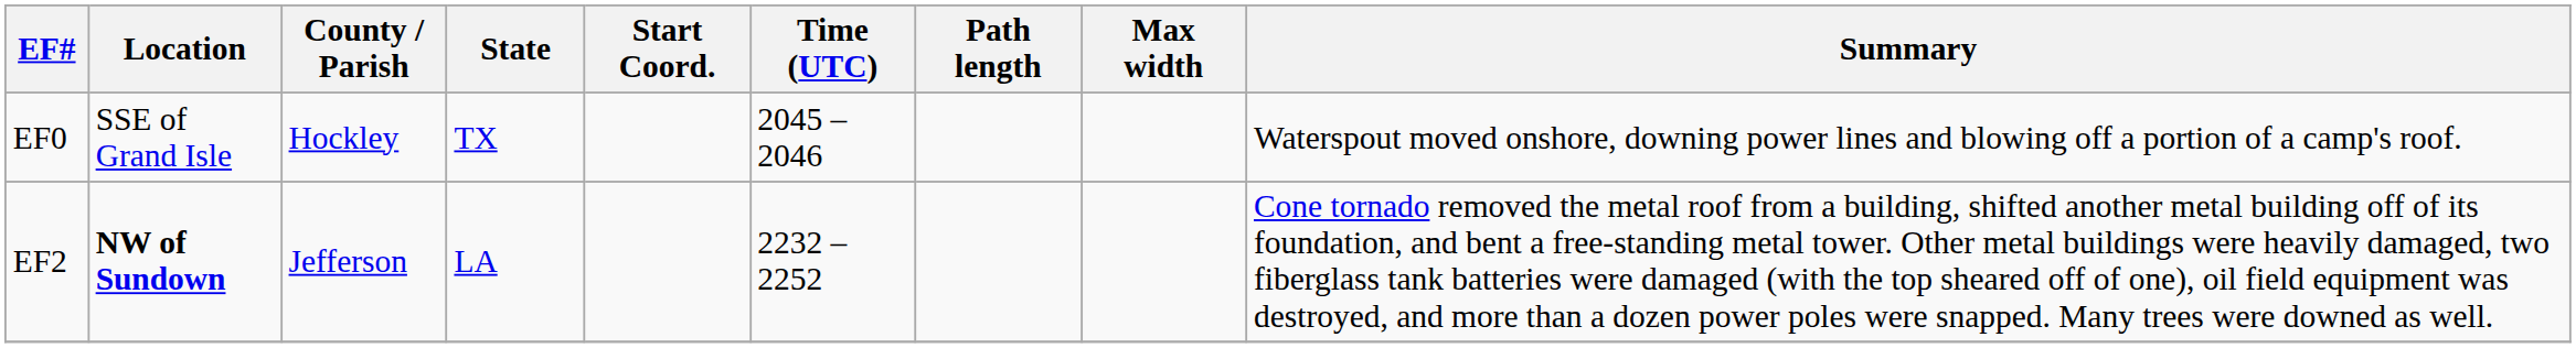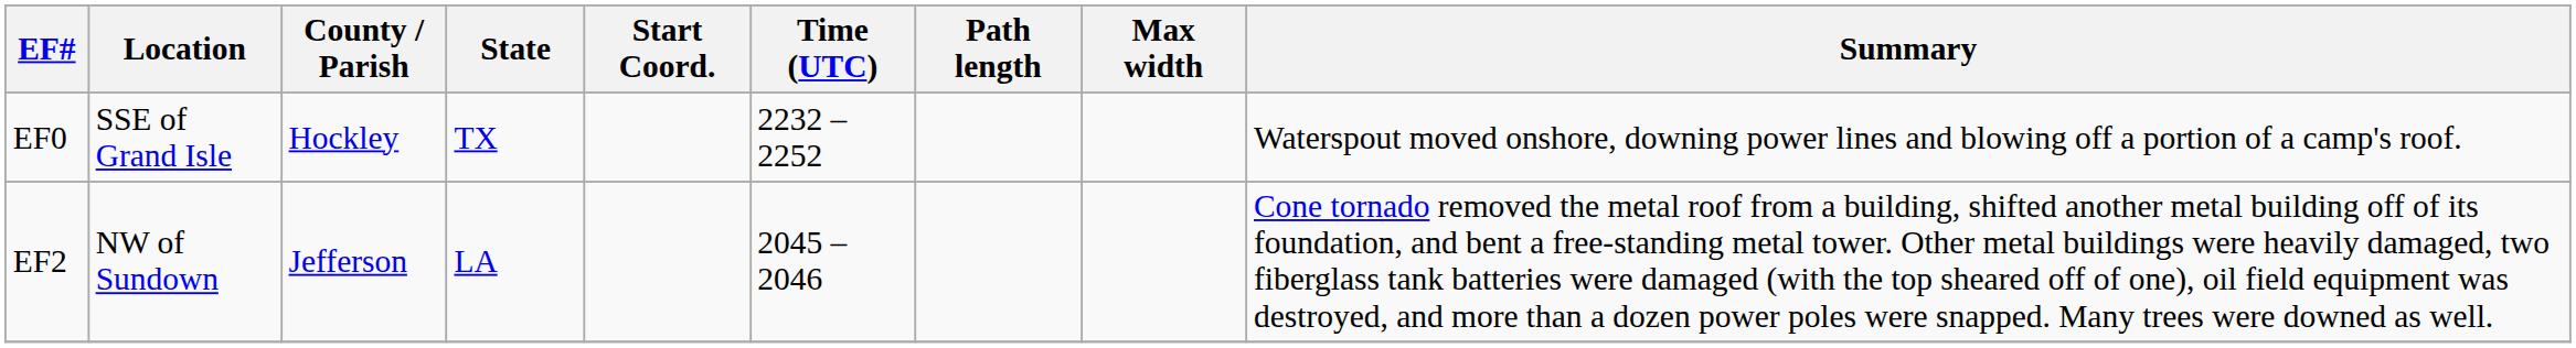 <table class="wikitable sortable" style="width:100%;">
 <tr>
 <th scope="col" width="3%" align="center"><a href='#'>EF#</a></th>
 <th scope="col" width="7%" align="center" class="unsortable">Location</th>
 <th scope="col" width="6%" align="center" class="unsortable">County / Parish</th>
 <th scope="col" width="5%" align="center">State</th>
 <th scope="col" width="6%" align="center">Start Coord.</th>
 <th scope="col" width="6%" align="center">Time (<a href='#'>UTC</a>)</th>
 <th scope="col" width="6%" align="center">Path length</th>
 <th scope="col" width="6%" align="center">Max width</th>
 <th scope="col" width="48%" class="unsortable" align="center">Summary</th>
 </tr>
 <tr>
 <td>EF0</td>
 <td>SSE of <a href='#'>Grand Isle</a></td>
 <td><a href='#'>Hockley</a></td>
 <td><a href='#'>TX</a></td>
 <td></td>
-<td>2045 – 2046</td>
+<td>2232 – 2252</td>
 <td></td>
 <td></td>
 <td>Waterspout moved onshore, downing power lines and blowing off a portion of a camp's roof.</td>
 </tr>
 <tr>
 <td>EF2</td>
-<td><strong>NW of <a href='#'>Sundown</a></strong></td>
+<td>NW of <a href='#'>Sundown</a></td>
 <td><a href='#'>Jefferson</a></td>
 <td><a href='#'>LA</a></td>
 <td></td>
-<td>2232 – 2252</td>
+<td>2045 – 2046</td>
 <td></td>
 <td></td>
 <td><a href='#'>Cone tornado</a> removed the metal roof from a building, shifted another metal building off of its foundation, and bent a free-standing metal tower. Other metal buildings were heavily damaged, two fiberglass tank batteries were damaged (with the top sheared off of one), oil field equipment was destroyed, and more than a dozen power poles were snapped. Many trees were downed as well.</td>
 </tr>
 <tr>
 </tr>
 </table>
